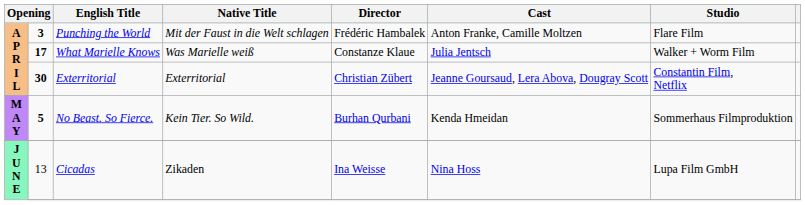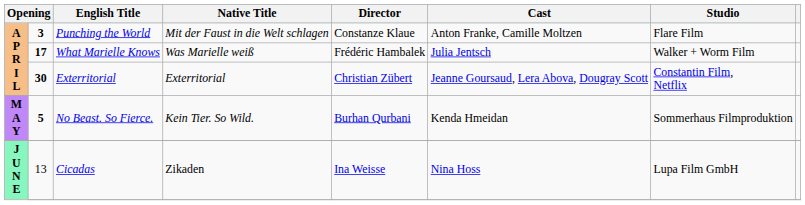 <table class="wikitable sortable">
 <tr style="background:#b0e0e6; text-align:center;">
 <th colspan="2">Opening</th>
 <th>English Title</th>
 <th>Native Title</th>
 <th>Director</th>
 <th>Cast</th>
 <th>Studio</th>
 <th></th>
 </tr>
 <tr>
 <th rowspan="3" style="text-align:center; background:#f7bf87; ">A<br>P<br>R<br>I<br>L</th>
 <td rowspan="1" style="text-align:center"><strong>3</strong></td>
 <td><em><a href='#'>Punching the World</a></em></td>
 <td><em>Mit der Faust in die Welt schlagen</em></td>
-<td>Frédéric Hambalek</td>
+<td>Constanze Klaue</td>
 <td>Anton Franke, Camille Moltzen</td>
 <td>Flare Film</td>
 <td></td>
 </tr>
 <tr>
 <td rowspan="1" style="text-align:center"><strong>17</strong></td>
 <td><em><a href='#'>What Marielle Knows</a></em></td>
 <td><em>Was Marielle weiß</em></td>
-<td>Constanze Klaue</td>
+<td>Frédéric Hambalek</td>
 <td><a href='#'>Julia Jentsch</a></td>
 <td>Walker + Worm Film</td>
 <td></td>
 </tr>
 <tr>
 <td rowspan="1" style="text-align:center"><strong>30</strong></td>
 <td><em><a href='#'>Exterritorial</a></em></td>
 <td><em>Exterritorial</em></td>
 <td><a href='#'>Christian Zübert</a></td>
 <td><a href='#'>Jeanne Goursaud</a>, <a href='#'>Lera Abova</a>, <a href='#'>Dougray Scott</a></td>
 <td><a href='#'>Constantin Film</a>,<br><a href='#'>Netflix</a></td>
 <td></td>
 </tr>
 <tr>
 <th rowspan="1" style="text-align:center; background:#bf87f7; textcolor:#000;">M<br>A<br>Y</th>
 <td rowspan="1" style="text-align:center;"><strong>5</strong></td>
 <td><em><a href='#'>No Beast. So Fierce.</a></em></td>
 <td><em>Kein Tier. So Wild.</em></td>
 <td><a href='#'>Burhan Qurbani</a></td>
 <td>Kenda Hmeidan</td>
 <td>Sommerhaus Filmproduktion</td>
 <td></td>
 </tr>
 <tr>
 </tr>
 <tr>
 <th rowspan="3" style="text-align:center; background:#87f7bf; textcolor:#000;">J<br>U<br>N<br>E</th>
 <td rowspan="1" style="text-align:center;">13</td>
 <td><em><a href='#'>Cicadas</a></em></td>
 <td>Zikaden</td>
 <td><a href='#'>Ina Weisse</a></td>
 <td><a href='#'>Nina Hoss</a></td>
 <td>Lupa Film GmbH</td>
 <td></td>
 </tr>
 <tr>
 </tr>
 </table>
